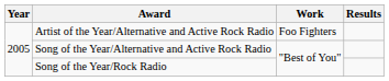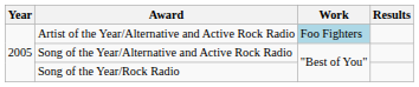 <table class="wikitable">
 <tr>
 <th>Year</th>
 <th>Award</th>
 <th>Work</th>
 <th>Results</th>
 </tr>
 <tr>
 <td rowspan="3">2005</td>
 <td>Artist of the Year/Alternative and Active Rock Radio</td>
-<td>Foo Fighters</td>
+<td style="background: lightblue;">Foo Fighters</td>
 <td></td>
 </tr>
 <tr>
 <td>Song of the Year/Alternative and Active Rock Radio</td>
 <td rowspan="2">"Best of You"</td>
 <td></td>
 </tr>
 <tr>
 <td>Song of the Year/Rock Radio</td>
 <td></td>
 </tr>
 </table>
